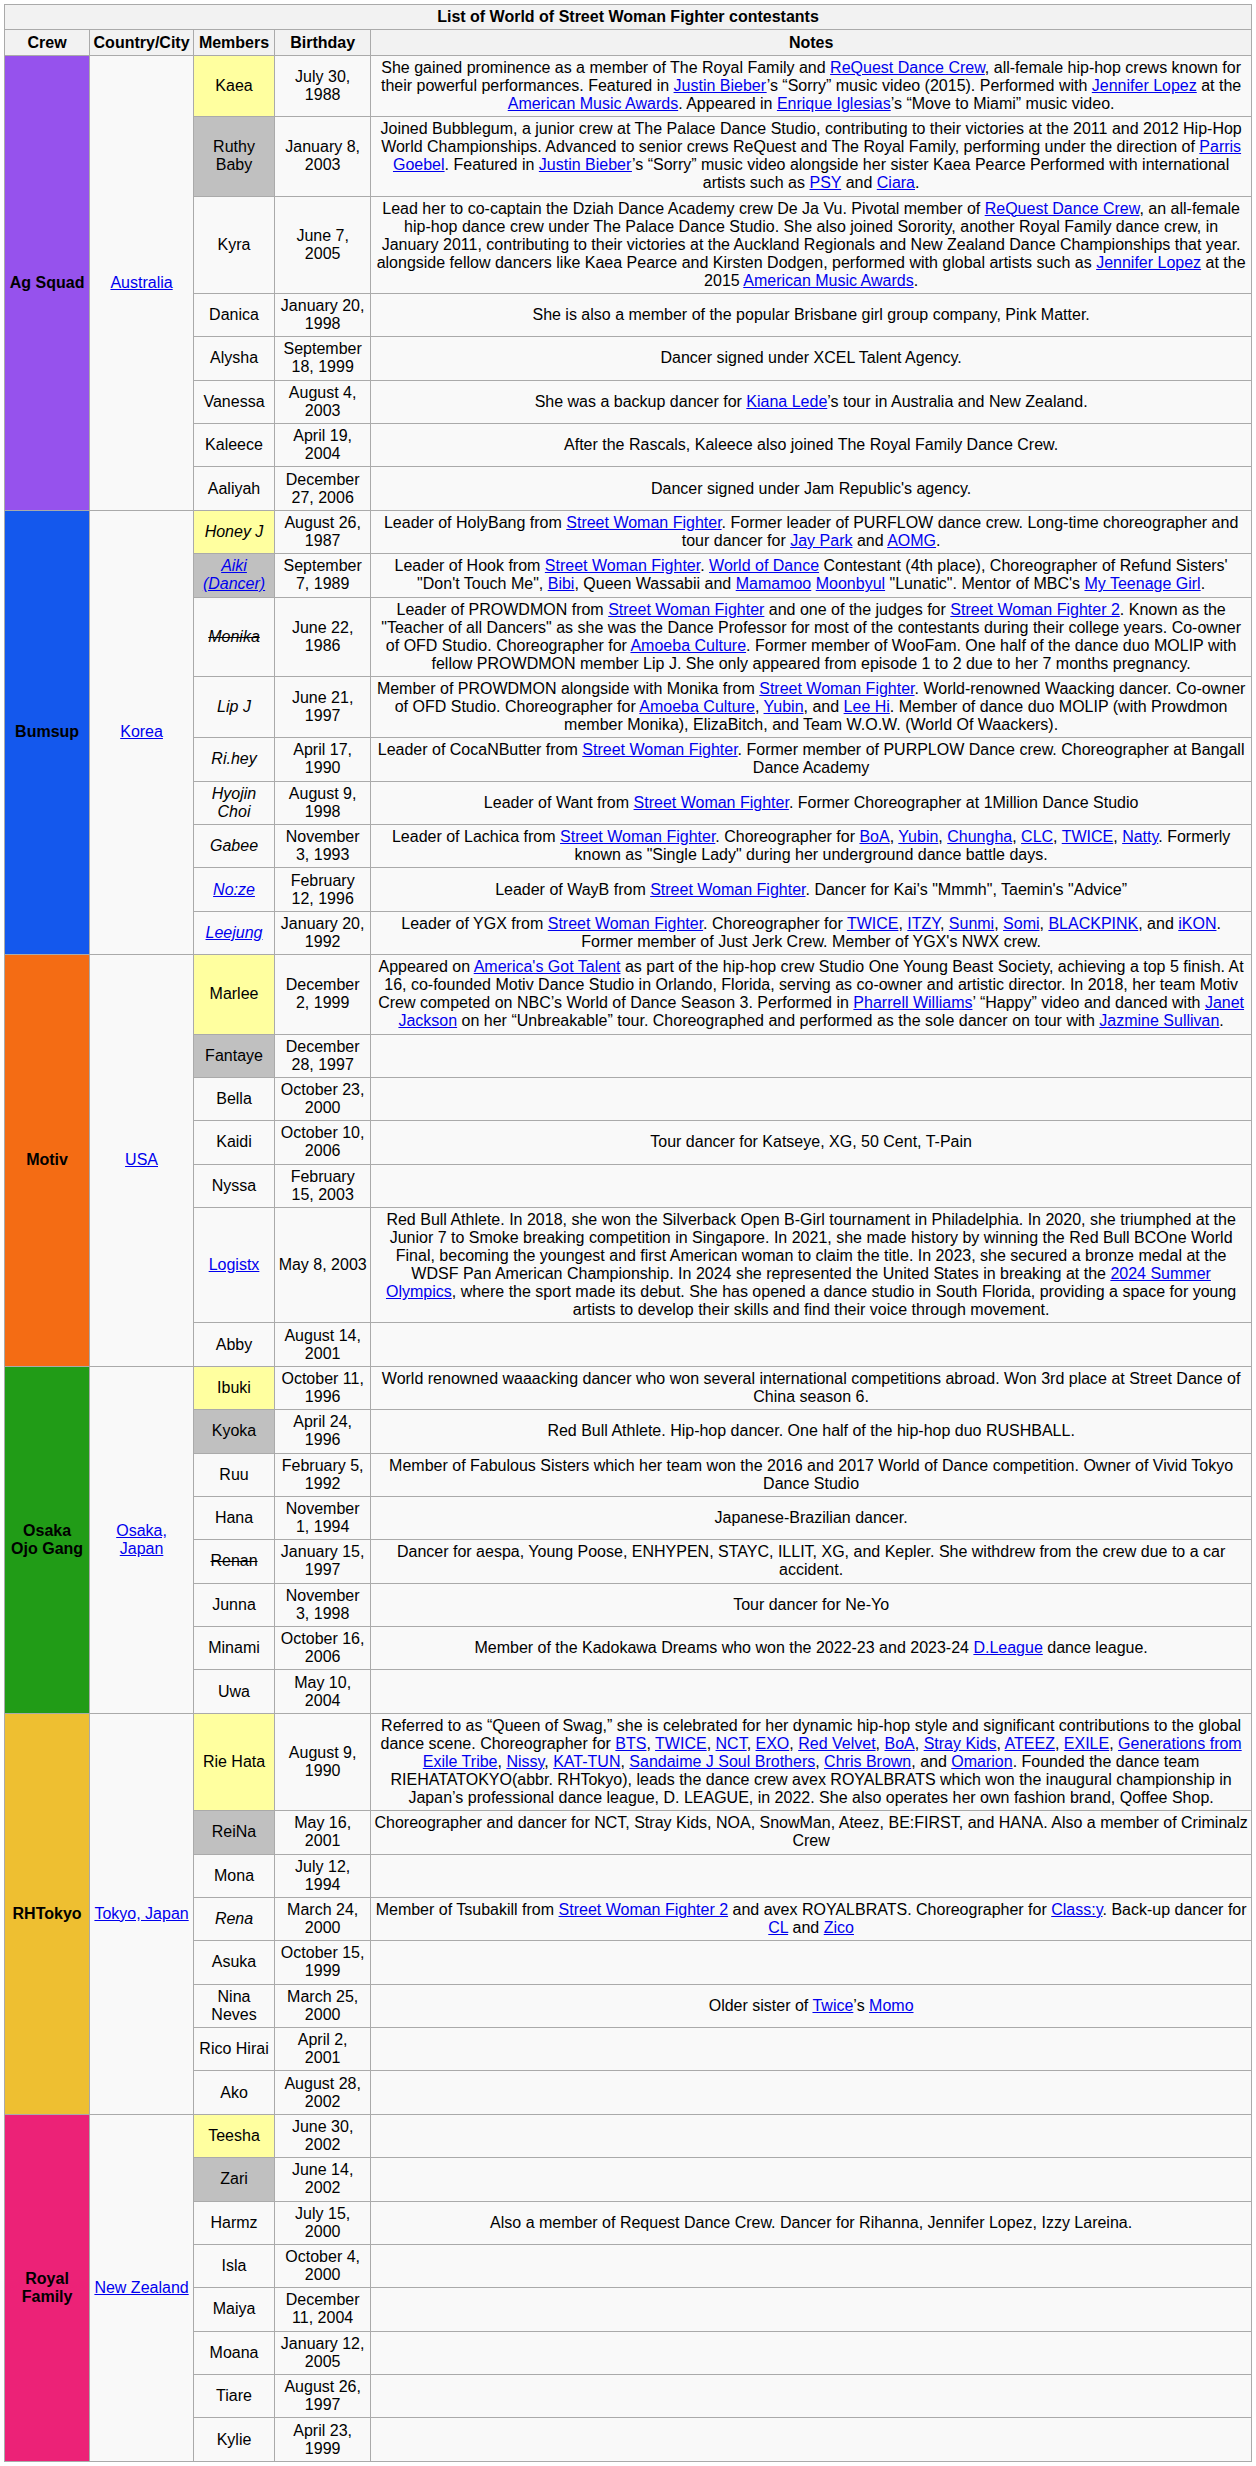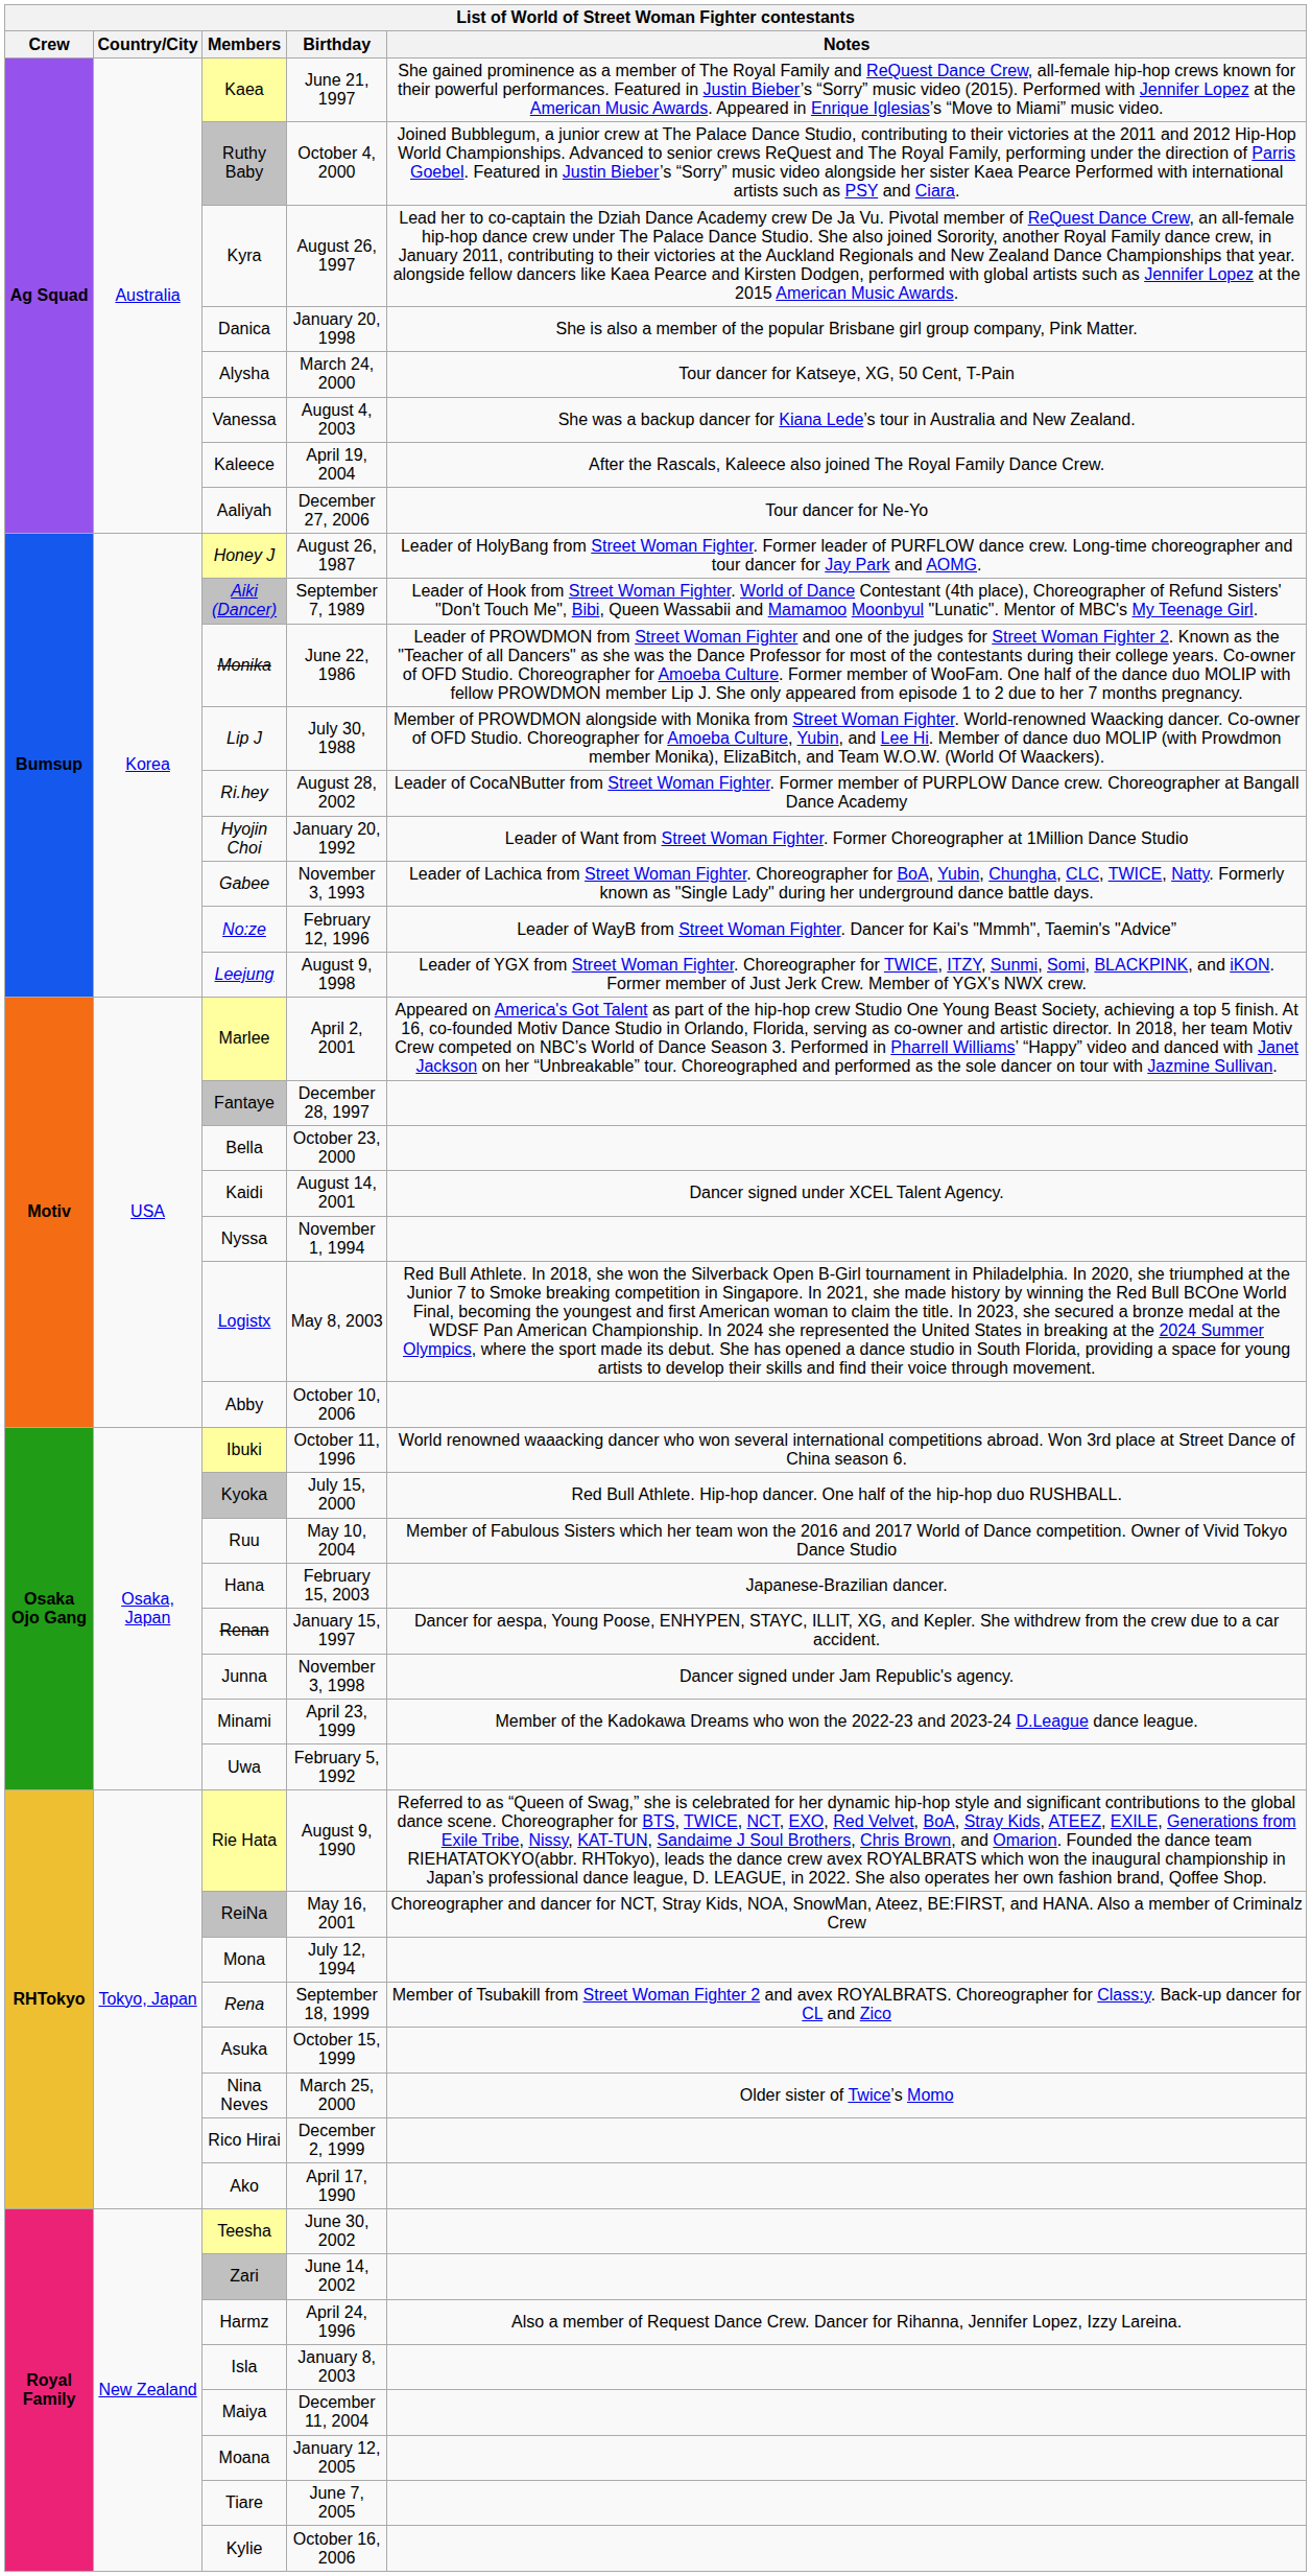 <table class="wikitable collapsible collapsed" style="text-align:center;">
 <tr>
 <th colspan="5">List of World of Street Woman Fighter contestants</th>
 </tr>
 <tr>
 <th>Crew</th>
 <th>Country/City</th>
 <th>Members</th>
 <th>Birthday</th>
 <th>Notes</th>
 </tr>
 <tr>
 <td rowspan="8" style="background:#9652ED"><strong>Ag Squad</strong></td>
 <td rowspan="8"><a href='#'>Australia</a></td>
 <td style="background:#FFFF9F;">Kaea</td>
-<td>July 30, 1988</td>
+<td>June 21, 1997</td>
 <td>She gained prominence as a member of The Royal Family and <a href='#'>ReQuest Dance Crew</a>, all-female hip-hop crews known for their powerful performances. Featured in <a href='#'>Justin Bieber</a>’s “Sorry” music video (2015). Performed with <a href='#'>Jennifer Lopez</a> at the <a href='#'>American Music Awards</a>. Appeared in <a href='#'>Enrique Iglesias</a>’s “Move to Miami” music video.</td>
 </tr>
 <tr>
 <td style="background:silver;">Ruthy Baby</td>
-<td>January 8, 2003</td>
+<td>October 4, 2000</td>
 <td>Joined Bubblegum, a junior crew at The Palace Dance Studio, contributing to their victories at the 2011 and 2012 Hip-Hop World Championships. Advanced to senior crews ReQuest and The Royal Family, performing under the direction of <a href='#'>Parris Goebel</a>. Featured in <a href='#'>Justin Bieber</a>’s “Sorry” music video alongside her sister Kaea Pearce Performed with international artists such as <a href='#'>PSY</a> and <a href='#'>Ciara</a>.</td>
 </tr>
 <tr>
 <td>Kyra</td>
-<td>June 7, 2005</td>
+<td>August 26, 1997</td>
 <td>Lead her to co-captain the Dziah Dance Academy crew De Ja Vu. Pivotal member of <a href='#'>ReQuest Dance Crew</a>, an all-female hip-hop dance crew under The Palace Dance Studio. She also joined Sorority, another Royal Family dance crew, in January 2011, contributing to their victories at the Auckland Regionals and New Zealand Dance Championships that year. alongside fellow dancers like Kaea Pearce and Kirsten Dodgen, performed with global artists such as <a href='#'>Jennifer Lopez</a> at the 2015 <a href='#'>American Music Awards</a>.</td>
 </tr>
 <tr>
 <td>Danica</td>
 <td>January 20, 1998</td>
 <td>She is also a member of the popular Brisbane girl group company, Pink Matter.</td>
 </tr>
 <tr>
 <td>Alysha</td>
-<td>September 18, 1999</td>
-<td>Dancer signed under XCEL Talent Agency.</td>
+<td>March 24, 2000</td>
+<td>Tour dancer for Katseye, XG, 50 Cent, T-Pain</td>
 </tr>
 <tr>
 <td>Vanessa</td>
 <td>August 4, 2003</td>
 <td>She was a backup dancer for <a href='#'>Kiana Lede</a>’s tour in Australia and New Zealand.</td>
 </tr>
 <tr>
 <td>Kaleece</td>
 <td>April 19, 2004</td>
 <td>After the Rascals, Kaleece also joined The Royal Family Dance Crew.</td>
 </tr>
 <tr>
 <td>Aaliyah</td>
 <td>December 27, 2006</td>
-<td>Dancer signed under Jam Republic's agency.</td>
+<td>Tour dancer for Ne-Yo</td>
 </tr>
 <tr>
 <td rowspan="9" style="background:#1458ED"><strong>Bumsup</strong></td>
 <td rowspan="9"><a href='#'>Korea</a></td>
 <td style="background:#FFFF9F;"><i>Honey J</i></td>
 <td>August 26, 1987</td>
 <td>Leader of HolyBang from <a href='#'>Street Woman Fighter</a>. Former leader of PURFLOW dance crew. Long-time choreographer and tour dancer for <a href='#'>Jay Park</a> and <a href='#'>AOMG</a>.</td>
 </tr>
 <tr>
 <td style="background:silver;"><i><a href='#'>Aiki (Dancer)</a></i></td>
 <td>September 7, 1989</td>
 <td>Leader of Hook from <a href='#'>Street Woman Fighter</a>. <a href='#'>World of Dance</a> Contestant (4th place), Choreographer of Refund Sisters' "Don't Touch Me", <a href='#'>Bibi</a>, Queen Wassabii and <a href='#'>Mamamoo</a> <a href='#'>Moonbyul</a> "Lunatic". Mentor of MBC's <a href='#'>My Teenage Girl</a>.</td>
 </tr>
 <tr>
 <td><s><i>Monika</i></s></td>
 <td>June 22, 1986</td>
 <td>Leader of PROWDMON from <a href='#'>Street Woman Fighter</a> and one of the judges for <a href='#'>Street Woman Fighter 2</a>. Known as the "Teacher of all Dancers" as she was the Dance Professor for most of the contestants during their college years. Co-owner of OFD Studio. Choreographer for <a href='#'>Amoeba Culture</a>. Former member of WooFam. One half of the dance duo MOLIP with fellow PROWDMON member Lip J. She only appeared from episode 1 to 2 due to her 7 months pregnancy.</td>
 </tr>
 <tr>
 <td><i>Lip J</i></td>
-<td>June 21, 1997</td>
+<td>July 30, 1988</td>
 <td>Member of PROWDMON alongside with Monika from <a href='#'>Street Woman Fighter</a>. World-renowned Waacking dancer. Co-owner of OFD Studio. Choreographer for <a href='#'>Amoeba Culture</a>, <a href='#'>Yubin</a>, and <a href='#'>Lee Hi</a>. Member of dance duo MOLIP (with Prowdmon member Monika), ElizaBitch, and Team W.O.W. (World Of Waackers).</td>
 </tr>
 <tr>
 <td><i>Ri.hey </i></td>
-<td>April 17, 1990</td>
+<td>August 28, 2002</td>
 <td>Leader of CocaNButter from <a href='#'>Street Woman Fighter</a>. Former member of PURPLOW Dance crew. Choreographer at Bangall Dance Academy</td>
 </tr>
 <tr>
 <td><i>Hyojin Choi </i></td>
-<td>August 9, 1998</td>
+<td>January 20, 1992</td>
 <td>Leader of Want from <a href='#'>Street Woman Fighter</a>. Former Choreographer at 1Million Dance Studio</td>
 </tr>
 <tr>
 <td><i>Gabee </i></td>
 <td>November 3, 1993</td>
 <td>Leader of Lachica from <a href='#'>Street Woman Fighter</a>. Choreographer for <a href='#'>BoA</a>, <a href='#'>Yubin</a>, <a href='#'>Chungha</a>, <a href='#'>CLC</a>, <a href='#'>TWICE</a>, <a href='#'>Natty</a>. Formerly known as "Single Lady" during her underground dance battle days.</td>
 </tr>
 <tr>
 <td><i><a href='#'>No:ze</a></i></td>
 <td>February 12, 1996</td>
 <td>Leader of WayB from <a href='#'>Street Woman Fighter</a>. Dancer for Kai's "Mmmh", Taemin's "Advice”</td>
 </tr>
 <tr>
 <td><i><a href='#'>Leejung</a></i></td>
-<td>January 20, 1992</td>
+<td>August 9, 1998</td>
 <td>Leader of YGX from <a href='#'>Street Woman Fighter</a>. Choreographer for <a href='#'>TWICE</a>, <a href='#'>ITZY</a>, <a href='#'>Sunmi</a>, <a href='#'>Somi</a>, <a href='#'>BLACKPINK</a>, and <a href='#'>iKON</a>. Former member of Just Jerk Crew. Member of YGX's NWX crew.</td>
 </tr>
 <tr>
 <td rowspan="7" style="background:#F46C14"><strong>Motiv</strong></td>
 <td rowspan="7"><a href='#'>USA</a></td>
 <td style="background:#FFFF9F;">Marlee</td>
-<td>December 2, 1999</td>
+<td>April 2, 2001</td>
 <td>Appeared on <a href='#'>America's Got Talent</a> as part of the hip-hop crew Studio One Young Beast Society, achieving a top 5 finish. At 16, co-founded Motiv Dance Studio in Orlando, Florida, serving as co-owner and artistic director. In 2018, her team Motiv Crew competed on NBC’s World of Dance Season 3. Performed in <a href='#'>Pharrell Williams</a>’ “Happy” video and danced with <a href='#'>Janet Jackson</a> on her “Unbreakable” tour. Choreographed and performed as the sole dancer on tour with <a href='#'>Jazmine Sullivan</a>.</td>
 </tr>
 <tr>
 <td style="background:silver;">Fantaye</td>
 <td>December 28, 1997</td>
 <td></td>
 </tr>
 <tr>
 <td>Bella</td>
 <td>October 23, 2000</td>
 <td></td>
 </tr>
 <tr>
 <td>Kaidi</td>
-<td>October 10, 2006</td>
-<td>Tour dancer for Katseye, XG, 50 Cent, T-Pain</td>
+<td>August 14, 2001</td>
+<td>Dancer signed under XCEL Talent Agency.</td>
 </tr>
 <tr>
 <td>Nyssa</td>
-<td>February 15, 2003</td>
+<td>November 1, 1994</td>
 <td></td>
 </tr>
 <tr>
 <td><a href='#'>Logistx</a></td>
 <td>May 8, 2003</td>
 <td>Red Bull Athlete. In 2018, she won the Silverback Open B-Girl tournament in Philadelphia. In 2020, she triumphed at the Junior 7 to Smoke breaking competition in Singapore. In 2021, she made history by winning the Red Bull BCOne World Final, becoming the youngest and first American woman to claim the title. In 2023, she secured a bronze medal at the WDSF Pan American Championship. In 2024 she represented the United States in breaking at the <a href='#'>2024 Summer Olympics</a>, where the sport made its debut. She has opened a dance studio in South Florida, providing a space for young artists to develop their skills and find their voice through movement.</td>
 </tr>
 <tr>
 <td>Abby</td>
-<td>August 14, 2001</td>
+<td>October 10, 2006</td>
 <td></td>
 </tr>
 <tr>
 <td rowspan="8" style="background:#219C17"><strong>Osaka Ojo Gang</strong></td>
 <td rowspan="8"><a href='#'>Osaka, Japan</a></td>
 <td style="background:#FFFF9F;">Ibuki</td>
 <td>October 11, 1996</td>
 <td>World renowned waaacking dancer who won several international competitions abroad. Won 3rd place at Street Dance of China season 6.</td>
 </tr>
 <tr>
 <td style="background:silver;">Kyoka</td>
-<td>April 24, 1996</td>
+<td>July 15, 2000</td>
 <td>Red Bull Athlete. Hip-hop dancer. One half of the hip-hop duo RUSHBALL.</td>
 </tr>
 <tr>
 <td>Ruu</td>
-<td>February 5, 1992</td>
+<td>May 10, 2004</td>
 <td>Member of Fabulous Sisters which her team won the 2016 and 2017 World of Dance competition. Owner of Vivid Tokyo Dance Studio</td>
 </tr>
 <tr>
 <td>Hana</td>
-<td>November 1, 1994</td>
+<td>February 15, 2003</td>
 <td>Japanese-Brazilian dancer.</td>
 </tr>
 <tr>
 <td><s>Renan</s></td>
 <td>January 15, 1997</td>
 <td>Dancer for aespa, Young Poose, ENHYPEN, STAYC, ILLIT, XG, and Kepler. She withdrew from the crew due to a car accident.</td>
 </tr>
 <tr>
 <td>Junna</td>
 <td>November 3, 1998</td>
-<td>Tour dancer for Ne-Yo</td>
+<td>Dancer signed under Jam Republic's agency.</td>
 </tr>
 <tr>
 <td>Minami</td>
-<td>October 16, 2006</td>
+<td>April 23, 1999</td>
 <td>Member of the Kadokawa Dreams who won the 2022-23 and 2023-24 <a href='#'>D.League</a> dance league.</td>
 </tr>
 <tr>
 <td>Uwa</td>
-<td>May 10, 2004</td>
+<td>February 5, 1992</td>
 <td></td>
 </tr>
 <tr>
 <td rowspan="8" style="background:#EEBF31"><strong>RHTokyo</strong></td>
 <td rowspan="8"><a href='#'>Tokyo, Japan</a></td>
 <td style="background:#FFFF9F;">Rie Hata</td>
 <td>August 9, 1990</td>
 <td>Referred to as “Queen of Swag,” she is celebrated for her dynamic hip-hop style and significant contributions to the global dance scene. Choreographer for <a href='#'>BTS</a>, <a href='#'>TWICE</a>, <a href='#'>NCT</a>, <a href='#'>EXO</a>, <a href='#'>Red Velvet</a>, <a href='#'>BoA</a>, <a href='#'>Stray Kids</a>, <a href='#'>ATEEZ</a>, <a href='#'>EXILE</a>, <a href='#'>Generations from Exile Tribe</a>, <a href='#'>Nissy</a>, <a href='#'>KAT-TUN</a>, <a href='#'>Sandaime J Soul Brothers</a>, <a href='#'>Chris Brown</a>, and <a href='#'>Omarion</a>. Founded the dance team RIEHATATOKYO(abbr. RHTokyo), leads the dance crew avex ROYALBRATS which won the inaugural championship in Japan’s professional dance league, D. LEAGUE, in 2022. She also operates her own fashion brand, Qoffee Shop.</td>
 </tr>
 <tr>
 <td style="background:silver;">ReiNa</td>
 <td>May 16, 2001</td>
 <td>Choreographer and dancer for NCT, Stray Kids, NOA, SnowMan, Ateez, BE:FIRST, and HANA. Also a member of Criminalz Crew</td>
 </tr>
 <tr>
 <td>Mona</td>
 <td>July 12, 1994</td>
 <td></td>
 </tr>
 <tr>
 <td><i>Rena</i></td>
-<td>March 24, 2000</td>
+<td>September 18, 1999</td>
 <td>Member of Tsubakill from <a href='#'>Street Woman Fighter 2</a> and avex ROYALBRATS. Choreographer for <a href='#'>Class:y</a>. Back-up dancer for <a href='#'>CL</a> and <a href='#'>Zico</a></td>
 </tr>
 <tr>
 <td>Asuka</td>
 <td>October 15, 1999</td>
 <td></td>
 </tr>
 <tr>
 <td>Nina Neves</td>
 <td>March 25, 2000</td>
 <td>Older sister of <a href='#'>Twice</a>’s <a href='#'>Momo</a></td>
 </tr>
 <tr>
 <td>Rico Hirai</td>
-<td>April 2, 2001</td>
+<td>December 2, 1999</td>
 <td></td>
 </tr>
 <tr>
 <td>Ako</td>
-<td>August 28, 2002</td>
+<td>April 17, 1990</td>
 <td></td>
 </tr>
 <tr>
 <td rowspan="8" style="background:#EC2277"><strong>Royal Family</strong></td>
 <td rowspan="8"><a href='#'>New Zealand</a></td>
 <td style="background:#FFFF9F;">Teesha</td>
 <td>June 30, 2002</td>
 <td></td>
 </tr>
 <tr>
 <td style="background:silver;">Zari</td>
 <td>June 14, 2002</td>
 <td></td>
 </tr>
 <tr>
 <td>Harmz</td>
-<td>July 15, 2000</td>
+<td>April 24, 1996</td>
 <td>Also a member of Request Dance Crew. Dancer for Rihanna, Jennifer Lopez, Izzy Lareina.</td>
 </tr>
 <tr>
 <td>Isla</td>
-<td>October 4, 2000</td>
+<td>January 8, 2003</td>
 <td></td>
 </tr>
 <tr>
 <td>Maiya</td>
 <td>December 11, 2004</td>
 <td></td>
 </tr>
 <tr>
 <td>Moana</td>
 <td>January 12, 2005</td>
 <td></td>
 </tr>
 <tr>
 <td>Tiare</td>
-<td>August 26, 1997</td>
+<td>June 7, 2005</td>
 <td></td>
 </tr>
 <tr>
 <td>Kylie</td>
-<td>April 23, 1999</td>
+<td>October 16, 2006</td>
 <td></td>
 </tr>
 <tr>
 </tr>
 </table>
